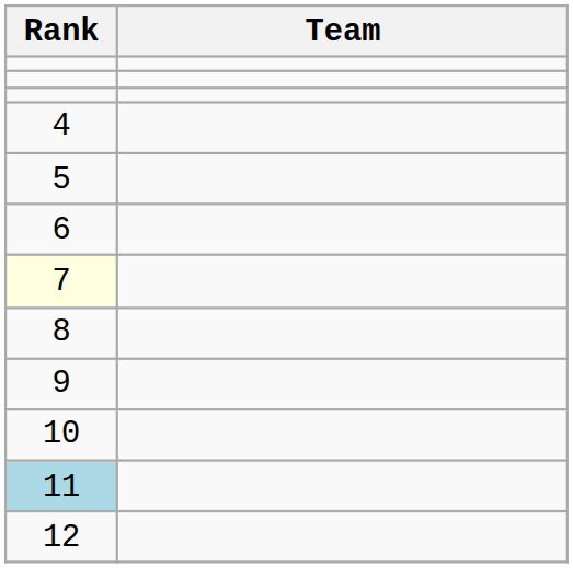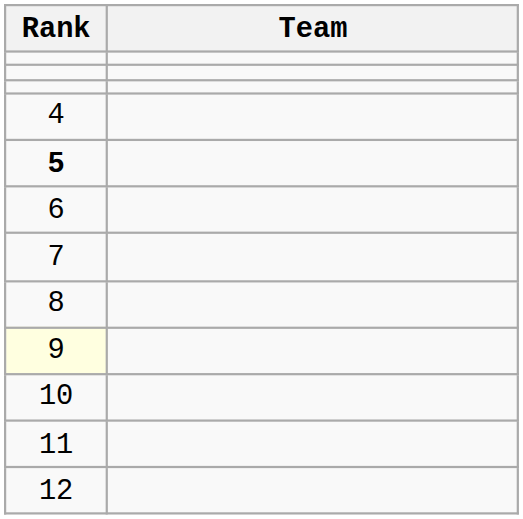 <table class="wikitable" style="text-align:center">
 <tr>
 <th width=40>Rank</th>
 <th width=180>Team</th>
 </tr>
 <tr>
 <td></td>
 <td style="text-align:left"></td>
 </tr>
 <tr>
 <td></td>
 <td style="text-align:left"></td>
 </tr>
 <tr>
 <td></td>
 <td style="text-align:left"></td>
 </tr>
 <tr>
 <td>4</td>
 <td style="text-align:left"></td>
 </tr>
 <tr>
-<td>5</td>
+<td><strong>5</strong></td>
 <td style="text-align:left"></td>
 </tr>
 <tr>
 <td>6</td>
 <td style="text-align:left"></td>
 </tr>
 <tr>
-<td style="background: lightyellow;">7</td>
+<td>7</td>
 <td style="text-align:left"></td>
 </tr>
 <tr>
 <td>8</td>
 <td style="text-align:left"></td>
 </tr>
 <tr>
-<td>9</td>
+<td style="background: lightyellow;">9</td>
 <td style="text-align:left"></td>
 </tr>
 <tr>
 <td>10</td>
 <td style="text-align:left"></td>
 </tr>
 <tr>
-<td style="background: lightblue;">11</td>
+<td>11</td>
 <td style="text-align:left"></td>
 </tr>
 <tr>
 <td>12</td>
 <td style="text-align:left"></td>
 </tr>
 </table>
